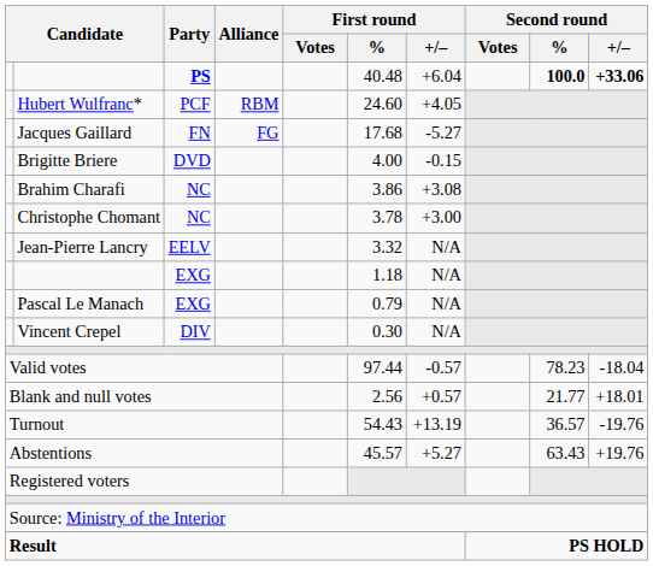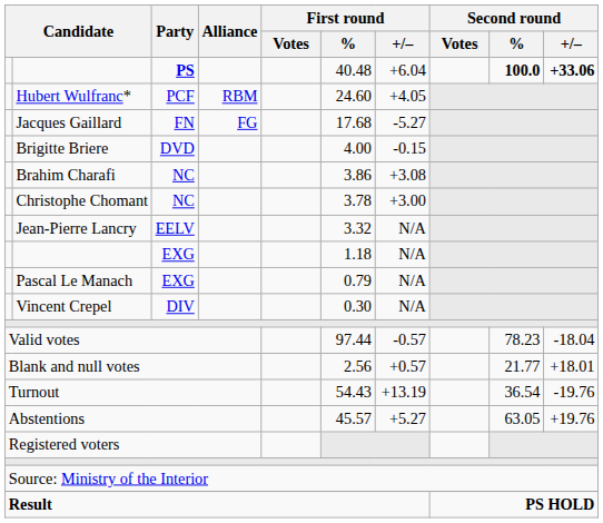 <table class="wikitable" style="text-align:right;font-size:95%;">
 <tr>
 <th rowspan="2" colspan="2">Candidate</th>
 <th rowspan="2">Party</th>
 <th rowspan="2">Alliance</th>
 <th colspan="3">First round</th>
 <th colspan="3">Second round</th>
 </tr>
 <tr>
 <th style="width:50px;">Votes</th>
 <th style="width:45px;">%</th>
 <th style="width:45px;">+/–</th>
 <th style="width:50px;">Votes</th>
 <th style="width:45px;">%</th>
 <th style="width:45px;">+/–</th>
 </tr>
 <tr>
 <td style="color:inherit;background:"></td>
 <td style="text-align:left;"><strong></strong></td>
 <td><a href='#'><strong>PS</strong></a> </td>
 <td></td>
 <td></td>
 <td>40.48</td>
 <td>+6.04</td>
 <td><strong></strong></td>
 <td><strong>100.0</strong></td>
 <td><strong>+33.06</strong></td>
 </tr>
 <tr>
 <td style="color:inherit;background:"></td>
 <td style="text-align:left;"><a href='#'>Hubert Wulfranc</a>*</td>
 <td><a href='#'>PCF</a> </td>
 <td><a href='#'>RBM</a></td>
 <td></td>
 <td>24.60</td>
 <td>+4.05</td>
 <td colspan="3" style="background:#E9E9E9;"></td>
 </tr>
 <tr>
 <td style="color:inherit;background:"></td>
 <td style="text-align:left;">Jacques Gaillard</td>
 <td><a href='#'>FN</a></td>
 <td><a href='#'>FG</a> </td>
 <td></td>
 <td>17.68</td>
 <td>-5.27</td>
 <td colspan="3" style="background:#E9E9E9;"></td>
 </tr>
 <tr>
 <td style="color:inherit;background:"></td>
 <td style="text-align:left;">Brigitte Briere</td>
 <td><a href='#'>DVD</a></td>
 <td></td>
 <td></td>
 <td>4.00</td>
 <td>-0.15</td>
 <td colspan="3" style="background:#E9E9E9;"></td>
 </tr>
 <tr>
 <td style="color:inherit;background:"></td>
 <td style="text-align:left;">Brahim Charafi</td>
 <td><a href='#'>NC</a></td>
 <td></td>
 <td></td>
 <td>3.86</td>
 <td>+3.08</td>
 <td colspan="3" style="background:#E9E9E9;"></td>
 </tr>
 <tr>
 <td style="color:inherit;background:"></td>
 <td style="text-align:left;">Christophe Chomant</td>
 <td><a href='#'>NC</a></td>
 <td></td>
 <td></td>
 <td>3.78</td>
 <td>+3.00</td>
 <td colspan="3" style="background:#E9E9E9;"></td>
 </tr>
 <tr>
 <td style="color:inherit;background:"></td>
 <td style="text-align:left;">Jean-Pierre Lancry</td>
 <td><a href='#'>EELV</a></td>
 <td></td>
 <td></td>
 <td>3.32</td>
 <td>N/A</td>
 <td colspan="3" style="background:#E9E9E9;"></td>
 </tr>
 <tr>
 <td style="color:inherit;background:"></td>
 <td style="text-align:left;"></td>
 <td><a href='#'>EXG</a></td>
 <td></td>
 <td></td>
 <td>1.18</td>
 <td>N/A</td>
 <td colspan="3" style="background:#E9E9E9;"></td>
 </tr>
 <tr>
 <td style="color:inherit;background:"></td>
 <td style="text-align:left;">Pascal Le Manach</td>
 <td><a href='#'>EXG</a></td>
 <td></td>
 <td></td>
 <td>0.79</td>
 <td>N/A</td>
 <td colspan="3" style="background:#E9E9E9;"></td>
 </tr>
 <tr>
 <td style="color:inherit;background:"></td>
 <td style="text-align:left;">Vincent Crepel</td>
 <td><a href='#'>DIV</a></td>
 <td></td>
 <td></td>
 <td>0.30</td>
 <td>N/A</td>
 <td colspan="3" style="background:#E9E9E9;"></td>
 </tr>
 <tr>
 <td colspan="10" style="background:#E9E9E9;"></td>
 </tr>
 <tr>
 <td colspan="4" style="text-align:left;">Valid votes</td>
 <td></td>
 <td>97.44</td>
 <td>-0.57</td>
 <td></td>
 <td>78.23</td>
 <td>-18.04</td>
 </tr>
 <tr>
 <td colspan="4" style="text-align:left;">Blank and null votes</td>
 <td></td>
 <td>2.56</td>
 <td>+0.57</td>
 <td></td>
 <td>21.77</td>
 <td>+18.01</td>
 </tr>
 <tr>
 <td colspan="4" style="text-align:left;">Turnout</td>
 <td></td>
 <td>54.43</td>
 <td>+13.19</td>
 <td></td>
-<td>36.57</td>
+<td>36.54</td>
 <td>-19.76</td>
 </tr>
 <tr>
 <td colspan="4" style="text-align:left;">Abstentions</td>
 <td></td>
 <td>45.57</td>
 <td>+5.27</td>
 <td></td>
-<td>63.43</td>
+<td>63.05</td>
 <td>+19.76</td>
 </tr>
 <tr>
 <td colspan="4" style="text-align:left;">Registered voters</td>
 <td></td>
 <td colspan="2" style="background:#E9E9E9;"></td>
 <td></td>
 <td colspan="2" style="background:#E9E9E9;"></td>
 </tr>
 <tr>
 <td colspan="10" style="background:#E9E9E9;"></td>
 </tr>
 <tr>
 <td colspan="10" style="text-align:left;">Source: <a href='#'>Ministry of the Interior</a></td>
 </tr>
 <tr>
 </tr>
 <tr style="font-weight:bold">
 <td colspan="7" style="text-align:left;">Result</td>
 <td colspan="7" style="background-color:">PS HOLD</td>
 </tr>
 </table>
